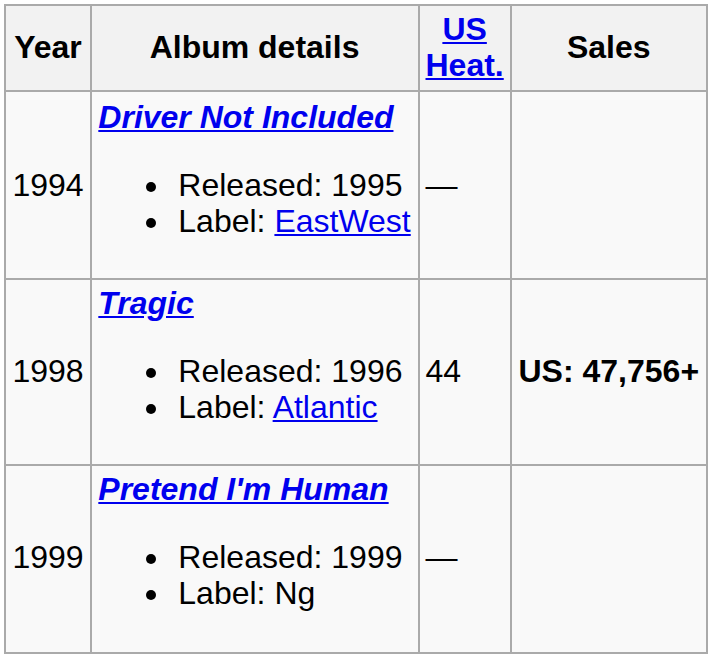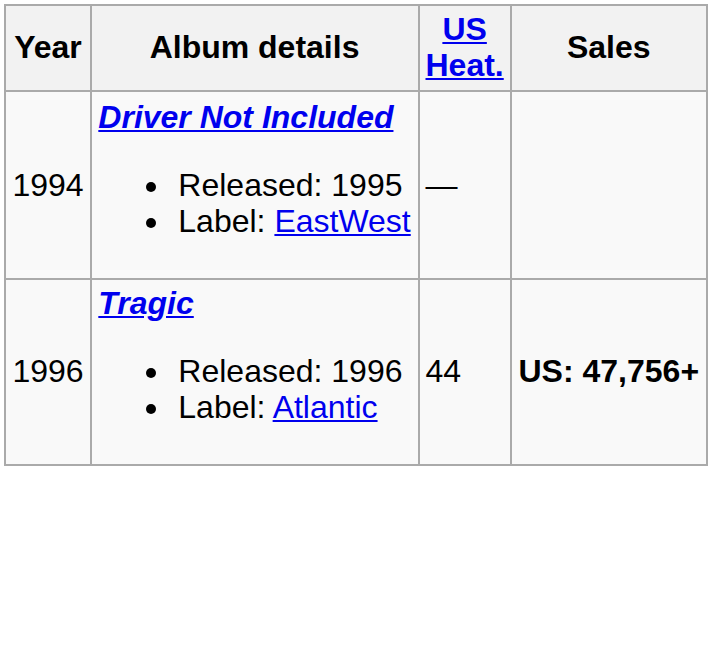 <table class="wikitable">
 <tr>
 <th>Year</th>
 <th>Album details</th>
 <th><a href='#'>US</a><br><a href='#'>Heat.</a> </th>
 <th>Sales</th>
 </tr>
 <tr>
 <td>1994</td>
 <td><strong><em><a href='#'>Driver Not Included</a></em></strong><br><ul><li>Released: 1995</li><li>Label: <a href='#'>EastWest</a></li></ul></td>
 <td>—</td>
 <td></td>
 </tr>
 <tr>
-<td>1998</td>
+<td>1996</td>
 <td><strong><em><a href='#'>Tragic</a></em></strong><br><ul><li>Released: 1996</li><li>Label: <a href='#'>Atlantic</a></li></ul></td>
 <td>44</td>
 <td><strong>US: 47,756+</strong></td>
 </tr>
-<tr>
-<td>1999</td>
-<td><strong><em><a href='#'>Pretend I'm Human</a></em></strong><br><ul><li>Released: 1999</li><li>Label: Ng</li></ul></td>
-<td>—</td>
-<td></td>
-</tr>
 </table>
